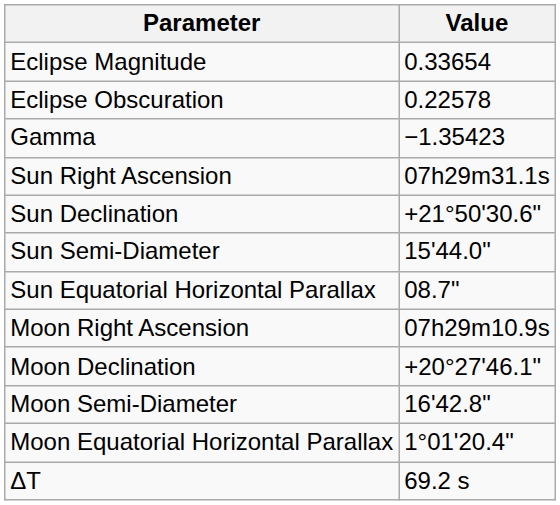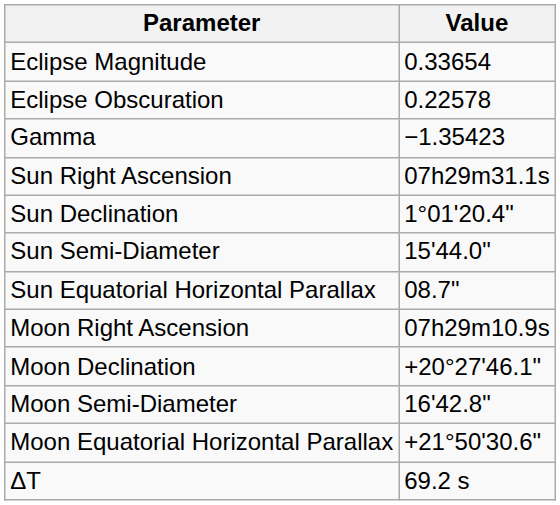 <table class="wikitable">
 <tr>
 <th>Parameter</th>
 <th>Value</th>
 </tr>
 <tr>
 <td>Eclipse Magnitude</td>
 <td>0.33654</td>
 </tr>
 <tr>
 <td>Eclipse Obscuration</td>
 <td>0.22578</td>
 </tr>
 <tr>
 <td>Gamma</td>
 <td>−1.35423</td>
 </tr>
 <tr>
 <td>Sun Right Ascension</td>
 <td>07h29m31.1s</td>
 </tr>
 <tr>
 <td>Sun Declination</td>
-<td>+21°50'30.6"</td>
+<td>1°01'20.4"</td>
 </tr>
 <tr>
 <td>Sun Semi-Diameter</td>
 <td>15'44.0"</td>
 </tr>
 <tr>
 <td>Sun Equatorial Horizontal Parallax</td>
 <td>08.7"</td>
 </tr>
 <tr>
 <td>Moon Right Ascension</td>
 <td>07h29m10.9s</td>
 </tr>
 <tr>
 <td>Moon Declination</td>
 <td>+20°27'46.1"</td>
 </tr>
 <tr>
 <td>Moon Semi-Diameter</td>
 <td>16'42.8"</td>
 </tr>
 <tr>
 <td>Moon Equatorial Horizontal Parallax</td>
-<td>1°01'20.4"</td>
+<td>+21°50'30.6"</td>
 </tr>
 <tr>
 <td>ΔT</td>
 <td>69.2 s</td>
 </tr>
 </table>
